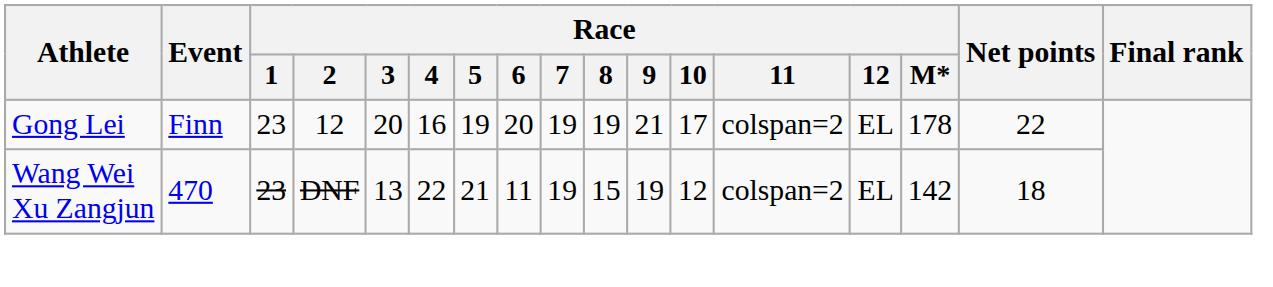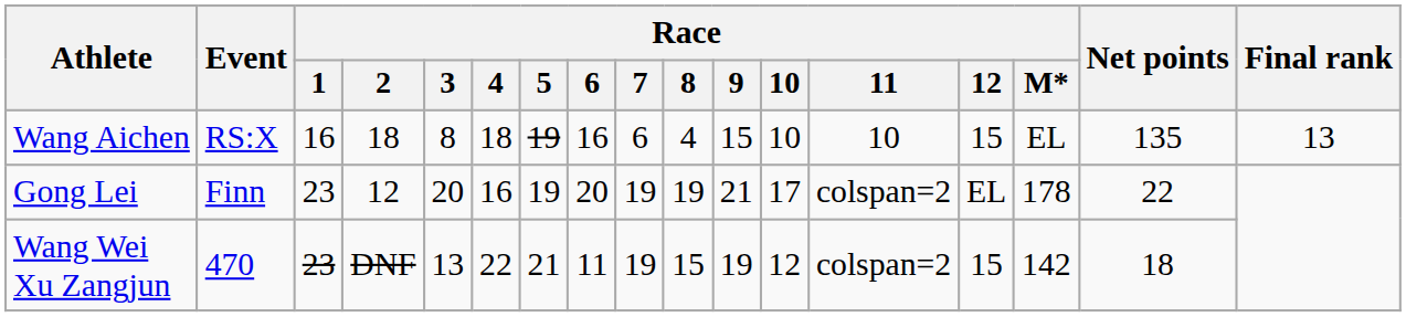 <table class="wikitable" style="font-size:90%">
 <tr>
 <th rowspan="2">Athlete</th>
 <th rowspan="2">Event</th>
 <th colspan=13>Race</th>
 <th rowspan=2>Net points</th>
 <th rowspan=2>Final rank</th>
 </tr>
 <tr style="font-size:95%">
 <th>1</th>
 <th>2</th>
 <th>3</th>
 <th>4</th>
 <th>5</th>
 <th>6</th>
 <th>7</th>
 <th>8</th>
 <th>9</th>
 <th>10</th>
 <th>11</th>
 <th>12</th>
 <th>M*</th>
+</tr>
+<tr align=center>
+<td align=left><a href='#'>Wang Aichen</a></td>
+<td align=left><a href='#'>RS:X</a></td>
+<td>16</td>
+<td>18</td>
+<td>8</td>
+<td>18</td>
+<td><s>19</s></td>
+<td>16</td>
+<td>6</td>
+<td>4</td>
+<td>15</td>
+<td>10</td>
+<td>10</td>
+<td>15</td>
+<td>EL</td>
+<td>135</td>
+<td>13</td>
 </tr>
 <tr align=center>
 <td align=left><a href='#'>Gong Lei</a></td>
 <td align=left><a href='#'>Finn</a></td>
 <td>23</td>
 <td>12</td>
 <td>20</td>
 <td>16</td>
 <td>19</td>
 <td>20</td>
 <td>19</td>
 <td>19</td>
 <td>21</td>
 <td>17</td>
 <td>colspan=2 </td>
 <td>EL</td>
 <td>178</td>
 <td>22</td>
 </tr>
 <tr align=center>
 <td align=left><a href='#'>Wang Wei</a><br><a href='#'>Xu Zangjun</a></td>
 <td align=left><a href='#'>470</a></td>
 <td><s>23</s></td>
 <td><s>DNF</s></td>
 <td>13</td>
 <td>22</td>
 <td>21</td>
 <td>11</td>
 <td>19</td>
 <td>15</td>
 <td>19</td>
 <td>12</td>
 <td>colspan=2 </td>
-<td>EL</td>
+<td>15</td>
 <td>142</td>
 <td>18</td>
 </tr>
 </table>
